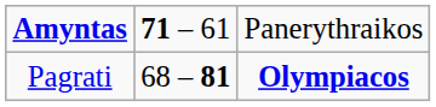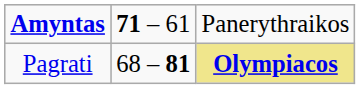 <table class="wikitable" style="text-align: center; font-size:100%">
 <tr>
 <td><strong><a href='#'>Amyntas</a></strong></td>
 <td><strong>71</strong> – 61</td>
 <td>Panerythraikos</td>
 </tr>
 <tr>
 <td><a href='#'>Pagrati</a></td>
 <td>68 – <strong>81</strong></td>
-<td><strong><a href='#'>Olympiacos</a></strong></td>
+<td style="background: khaki;"><strong><a href='#'>Olympiacos</a></strong></td>
 </tr>
 </table>
